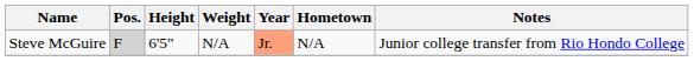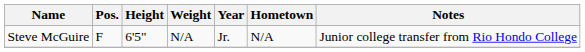 <table class="wikitable sortable" border="1">
 <tr>
 <th>Name</th>
 <th>Pos.</th>
 <th>Height</th>
 <th>Weight</th>
 <th>Year</th>
 <th>Hometown</th>
 <th class="unsortable">Notes</th>
 </tr>
 <tr>
 <td sortname>Steve McGuire</td>
-<td style="background: lightgrey;">F</td>
+<td>F</td>
 <td>6'5"</td>
 <td>N/A</td>
-<td style="background: lightsalmon;">Jr.</td>
+<td>Jr.</td>
 <td>N/A</td>
 <td>Junior college transfer from <a href='#'>Rio Hondo College</a></td>
 </tr>
 <tr>
 </tr>
 </table>
